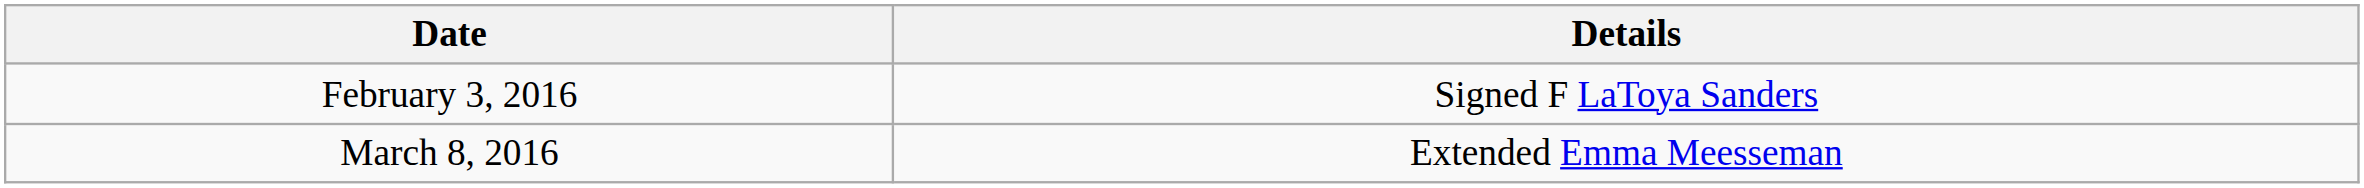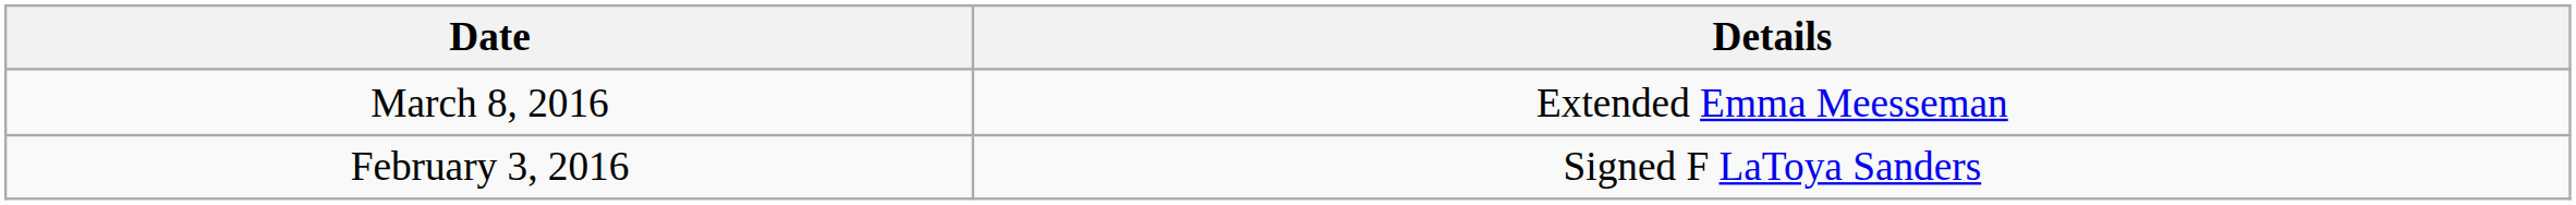 <table class="wikitable" style="width:80%; text-align: center;">
 <tr>
 <th>Date</th>
 <th>Details</th>
 </tr>
 <tr>
+<td>March 8, 2016</td>
+<td>Extended <a href='#'>Emma Meesseman</a></td>
+</tr>
+<tr>
 <td>February 3, 2016</td>
 <td>Signed F <a href='#'>LaToya Sanders</a></td>
 </tr>
-<tr>
-<td>March 8, 2016</td>
-<td>Extended <a href='#'>Emma Meesseman</a></td>
-</tr>
 </table>
